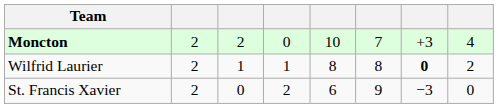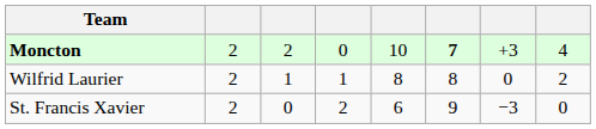 <table class="wikitable" style="text-align:center;">
 <tr>
 <th width=165>Team</th>
 <th width=40></th>
 <th width=40></th>
 <th width=40></th>
 <th width=40></th>
 <th width=40></th>
 <th width=40></th>
 <th width=40></th>
 </tr>
 <tr bgcolor=ddffdd>
 <td style="text-align:left;"><strong>Moncton</strong></td>
 <td>2</td>
 <td>2</td>
 <td>0</td>
 <td>10</td>
-<td>7</td>
+<td><strong>7</strong></td>
 <td>+3</td>
 <td>4</td>
 </tr>
 <tr>
 <td style="text-align:left;">Wilfrid Laurier</td>
 <td>2</td>
 <td>1</td>
 <td>1</td>
 <td>8</td>
 <td>8</td>
-<td><strong>0</strong></td>
+<td>0</td>
 <td>2</td>
 </tr>
 <tr>
 <td style="text-align:left;">St. Francis Xavier</td>
 <td>2</td>
 <td>0</td>
 <td>2</td>
 <td>6</td>
 <td>9</td>
 <td>−3</td>
 <td>0</td>
 </tr>
 </table>
